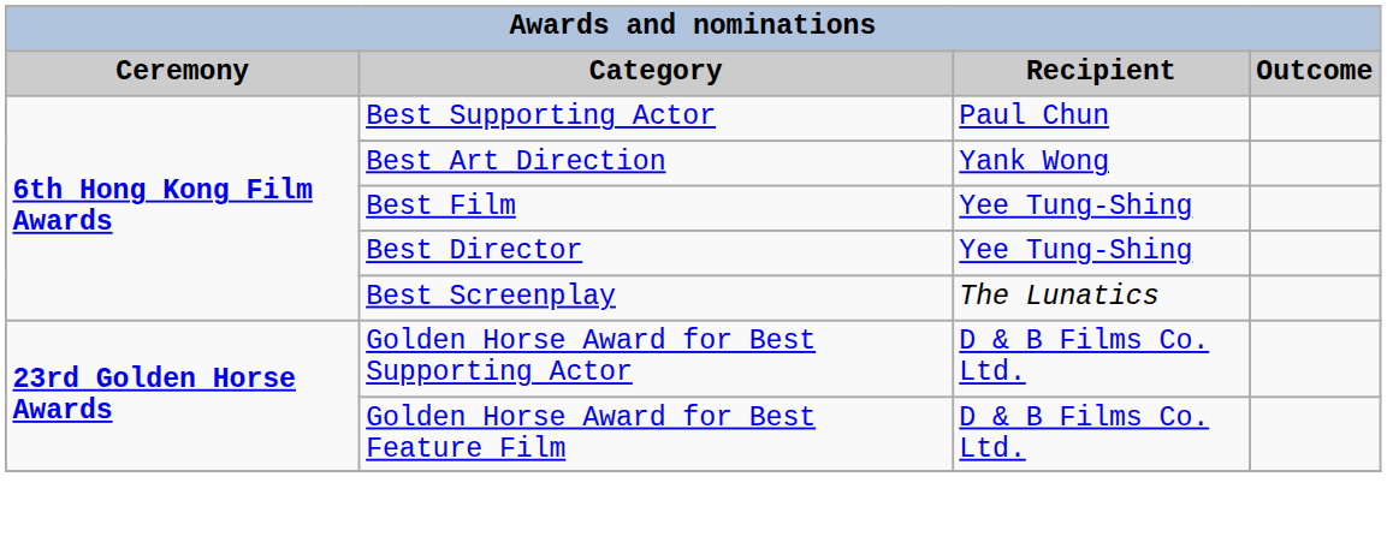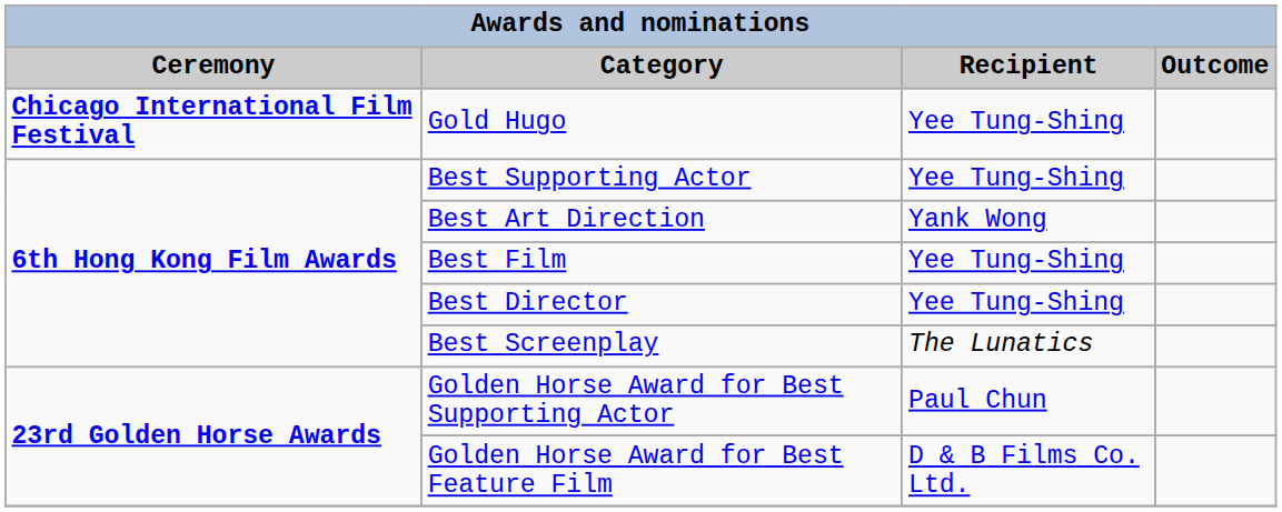 <table class="wikitable" style="font-size:95%;" ;>
 <tr style="background:#ccc; text-align:center;">
 <th colspan="4" style="background: LightSteelBlue;">Awards and nominations</th>
 </tr>
 <tr style="background:#ccc; text-align:center;">
 <th style="background:#ccc">Ceremony</th>
 <th style="background:#ccc">Category</th>
 <th style="background:#ccc">Recipient</th>
 <th style="background:#ccc">Outcome</th>
 </tr>
 <tr>
+<td rowspan=1><strong><a href='#'>Chicago International Film Festival</a></strong></td>
+<td rowspan=1><a href='#'>Gold Hugo</a></td>
+<td><a href='#'>Yee Tung-Shing</a></td>
+<td></td>
+</tr>
+<tr>
 <td rowspan=5><strong><a href='#'>6th Hong Kong Film Awards</a></strong></td>
 <td rowspan=1><a href='#'>Best Supporting Actor</a></td>
-<td><a href='#'>Paul Chun</a></td>
+<td><a href='#'>Yee Tung-Shing</a></td>
 <td></td>
 </tr>
 <tr>
 <td rowspan=1><a href='#'>Best Art Direction</a></td>
 <td><a href='#'>Yank Wong</a></td>
 <td></td>
 </tr>
 <tr>
 <td rowspan=1><a href='#'>Best Film</a></td>
 <td><a href='#'>Yee Tung-Shing</a></td>
 <td></td>
 </tr>
 <tr>
 <td rowspan=1><a href='#'>Best Director</a></td>
 <td><a href='#'>Yee Tung-Shing</a></td>
 <td></td>
 </tr>
 <tr>
 <td><a href='#'>Best Screenplay</a></td>
 <td><em>The Lunatics</em></td>
 <td></td>
 </tr>
 <tr>
 <td rowspan=2><strong><a href='#'>23rd Golden Horse Awards</a></strong></td>
 <td rowspan=1><a href='#'>Golden Horse Award for Best Supporting Actor</a></td>
-<td><a href='#'>D & B Films Co. Ltd.</a></td>
+<td><a href='#'>Paul Chun</a></td>
 <td></td>
 </tr>
 <tr>
 <td rowspan=1><a href='#'>Golden Horse Award for Best Feature Film</a></td>
 <td><a href='#'>D & B Films Co. Ltd.</a></td>
 <td></td>
 </tr>
 <tr>
 </tr>
 </table>
